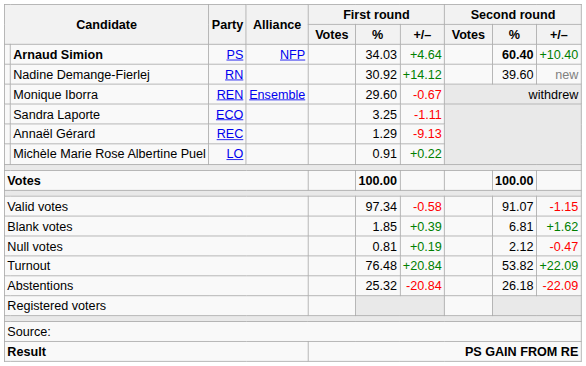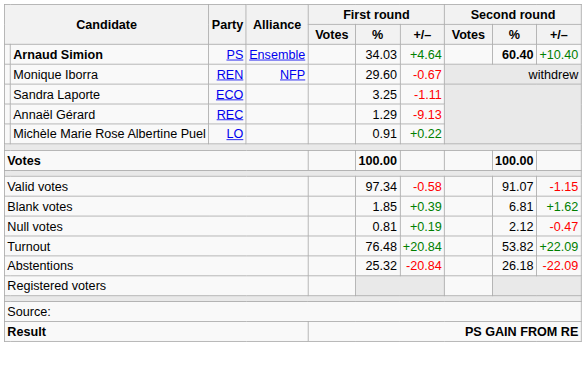 <table class="wikitable" style="text-align:right;font-size:95%;">
 <tr>
 <th rowspan="2" colspan="2">Candidate</th>
 <th colspan="1" rowspan="2">Party</th>
 <th colspan="1" rowspan="2">Alliance</th>
 <th colspan="3">First round</th>
 <th colspan="3">Second round</th>
 </tr>
 <tr>
 <th style="width:50px;">Votes</th>
 <th style="width:45px;">%</th>
 <th style="width:45px;">+/–</th>
 <th style="width:50px;">Votes</th>
 <th style="width:45px;">%</th>
 <th style="width:45px;">+/–</th>
 </tr>
 <tr>
 <td style="color:inherit;background:"></td>
 <td style="text-align:left;"><strong>Arnaud Simion</strong></td>
 <td><a href='#'>PS</a></td>
-<td><a href='#'>NFP</a></td>
+<td><a href='#'>Ensemble</a></td>
 <td></td>
 <td>34.03</td>
 <td style="color:green;">+4.64</td>
 <td><strong></strong></td>
 <td><strong>60.40</strong></td>
 <td style="color:green;">+10.40</td>
 </tr>
 <tr>
 <td style="color:inherit;background:"></td>
-<td style="text-align:left;">Nadine Demange-Fierlej</td>
-<td><a href='#'>RN</a></td>
-<td></td>
-<td></td>
-<td>30.92</td>
-<td style="color:green;">+14.12</td>
-<td></td>
-<td>39.60</td>
-<td style="color:grey;">new</td>
-</tr>
-<tr>
-<td style="color:inherit;background:"></td>
 <td style="text-align:left;">Monique Iborra</td>
 <td><a href='#'>REN</a></td>
-<td><a href='#'>Ensemble</a></td>
+<td><a href='#'>NFP</a></td>
 <td></td>
 <td>29.60</td>
 <td style="color:red;">-0.67</td>
 <td colspan="3" style="background:#E9E9E9;">withdrew</td>
 </tr>
 <tr>
 <td style="color:inherit;background:"></td>
 <td style="text-align:left;">Sandra Laporte</td>
 <td><a href='#'>ECO</a></td>
 <td></td>
 <td></td>
 <td>3.25</td>
 <td style="color:red;">-1.11</td>
 <td colspan="3" rowspan="3" style="background:#E9E9E9;"></td>
 </tr>
 <tr>
 <td style="color:inherit;background:"></td>
 <td style="text-align:left;">Annaël Gérard</td>
 <td><a href='#'>REC</a></td>
 <td></td>
 <td></td>
 <td>1.29</td>
 <td style="color:red;">-9.13</td>
 </tr>
 <tr>
 <td style="color:inherit;background:"></td>
 <td style="text-align:left;">Michèle Marie Rose Albertine Puel</td>
 <td><a href='#'>LO</a></td>
 <td></td>
 <td></td>
 <td>0.91</td>
 <td style="color:green;">+0.22</td>
 </tr>
 <tr>
 <td colspan="10" style="background:#E9E9E9;"></td>
 </tr>
 <tr style="font-weight:bold;">
 <td colspan="4" style="text-align:left;">Votes</td>
 <td></td>
 <td>100.00</td>
 <td></td>
 <td></td>
 <td>100.00</td>
 <td></td>
 </tr>
 <tr>
 <td colspan="10" style="background:#E9E9E9;"></td>
 </tr>
 <tr>
 <td colspan="4" style="text-align:left;">Valid votes</td>
 <td></td>
 <td>97.34</td>
 <td style="color:red;">-0.58</td>
 <td></td>
 <td>91.07</td>
 <td style="color:red;">-1.15</td>
 </tr>
 <tr>
 <td colspan="4" style="text-align:left;">Blank votes</td>
 <td></td>
 <td>1.85</td>
 <td style="color:green;">+0.39</td>
 <td></td>
 <td>6.81</td>
 <td style="color:green;">+1.62</td>
 </tr>
 <tr>
 <td colspan="4" style="text-align:left;">Null votes</td>
 <td></td>
 <td>0.81</td>
 <td style="color:green;">+0.19</td>
 <td></td>
 <td>2.12</td>
 <td style="color:red;">-0.47</td>
 </tr>
 <tr>
 <td colspan="4" style="text-align:left;">Turnout</td>
 <td></td>
 <td>76.48</td>
 <td style="color:green;">+20.84</td>
 <td></td>
 <td>53.82</td>
 <td style="color:green;">+22.09</td>
 </tr>
 <tr>
 <td colspan="4" style="text-align:left;">Abstentions</td>
 <td></td>
 <td>25.32</td>
 <td style="color:red;">-20.84</td>
 <td></td>
 <td>26.18</td>
 <td style="color:red;">-22.09</td>
 </tr>
 <tr>
 <td colspan="4" style="text-align:left;">Registered voters</td>
 <td></td>
 <td colspan="2" style="background:#E9E9E9;"></td>
 <td></td>
 <td colspan="2" style="background:#E9E9E9;"></td>
 </tr>
 <tr>
 <td colspan="10" style="background:#E9E9E9;"></td>
 </tr>
 <tr>
 <td colspan="10" style="text-align:left;">Source: </td>
 </tr>
 <tr style="font-weight:bold">
 <td colspan="4" style="text-align:left;">Result</td>
 <td colspan="6" style="background-color:">PS GAIN FROM RE</td>
 </tr>
 </table>
